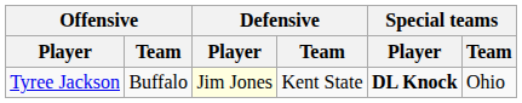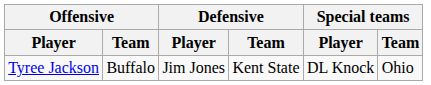 <table class="wikitable" style="display: inline-table;">
 <tr>
 <th colspan="2">Offensive</th>
 <th colspan="2">Defensive</th>
 <th colspan="2">Special teams</th>
 </tr>
 <tr>
 <th>Player</th>
 <th>Team</th>
 <th>Player</th>
 <th>Team</th>
 <th>Player</th>
 <th>Team</th>
 </tr>
 <tr>
 <td><a href='#'>Tyree Jackson</a></td>
 <td>Buffalo</td>
-<td style="background: lightyellow;">Jim Jones</td>
+<td>Jim Jones</td>
 <td>Kent State</td>
-<td><strong>DL Knock</strong></td>
+<td>DL Knock</td>
 <td>Ohio</td>
 </tr>
 </table>
